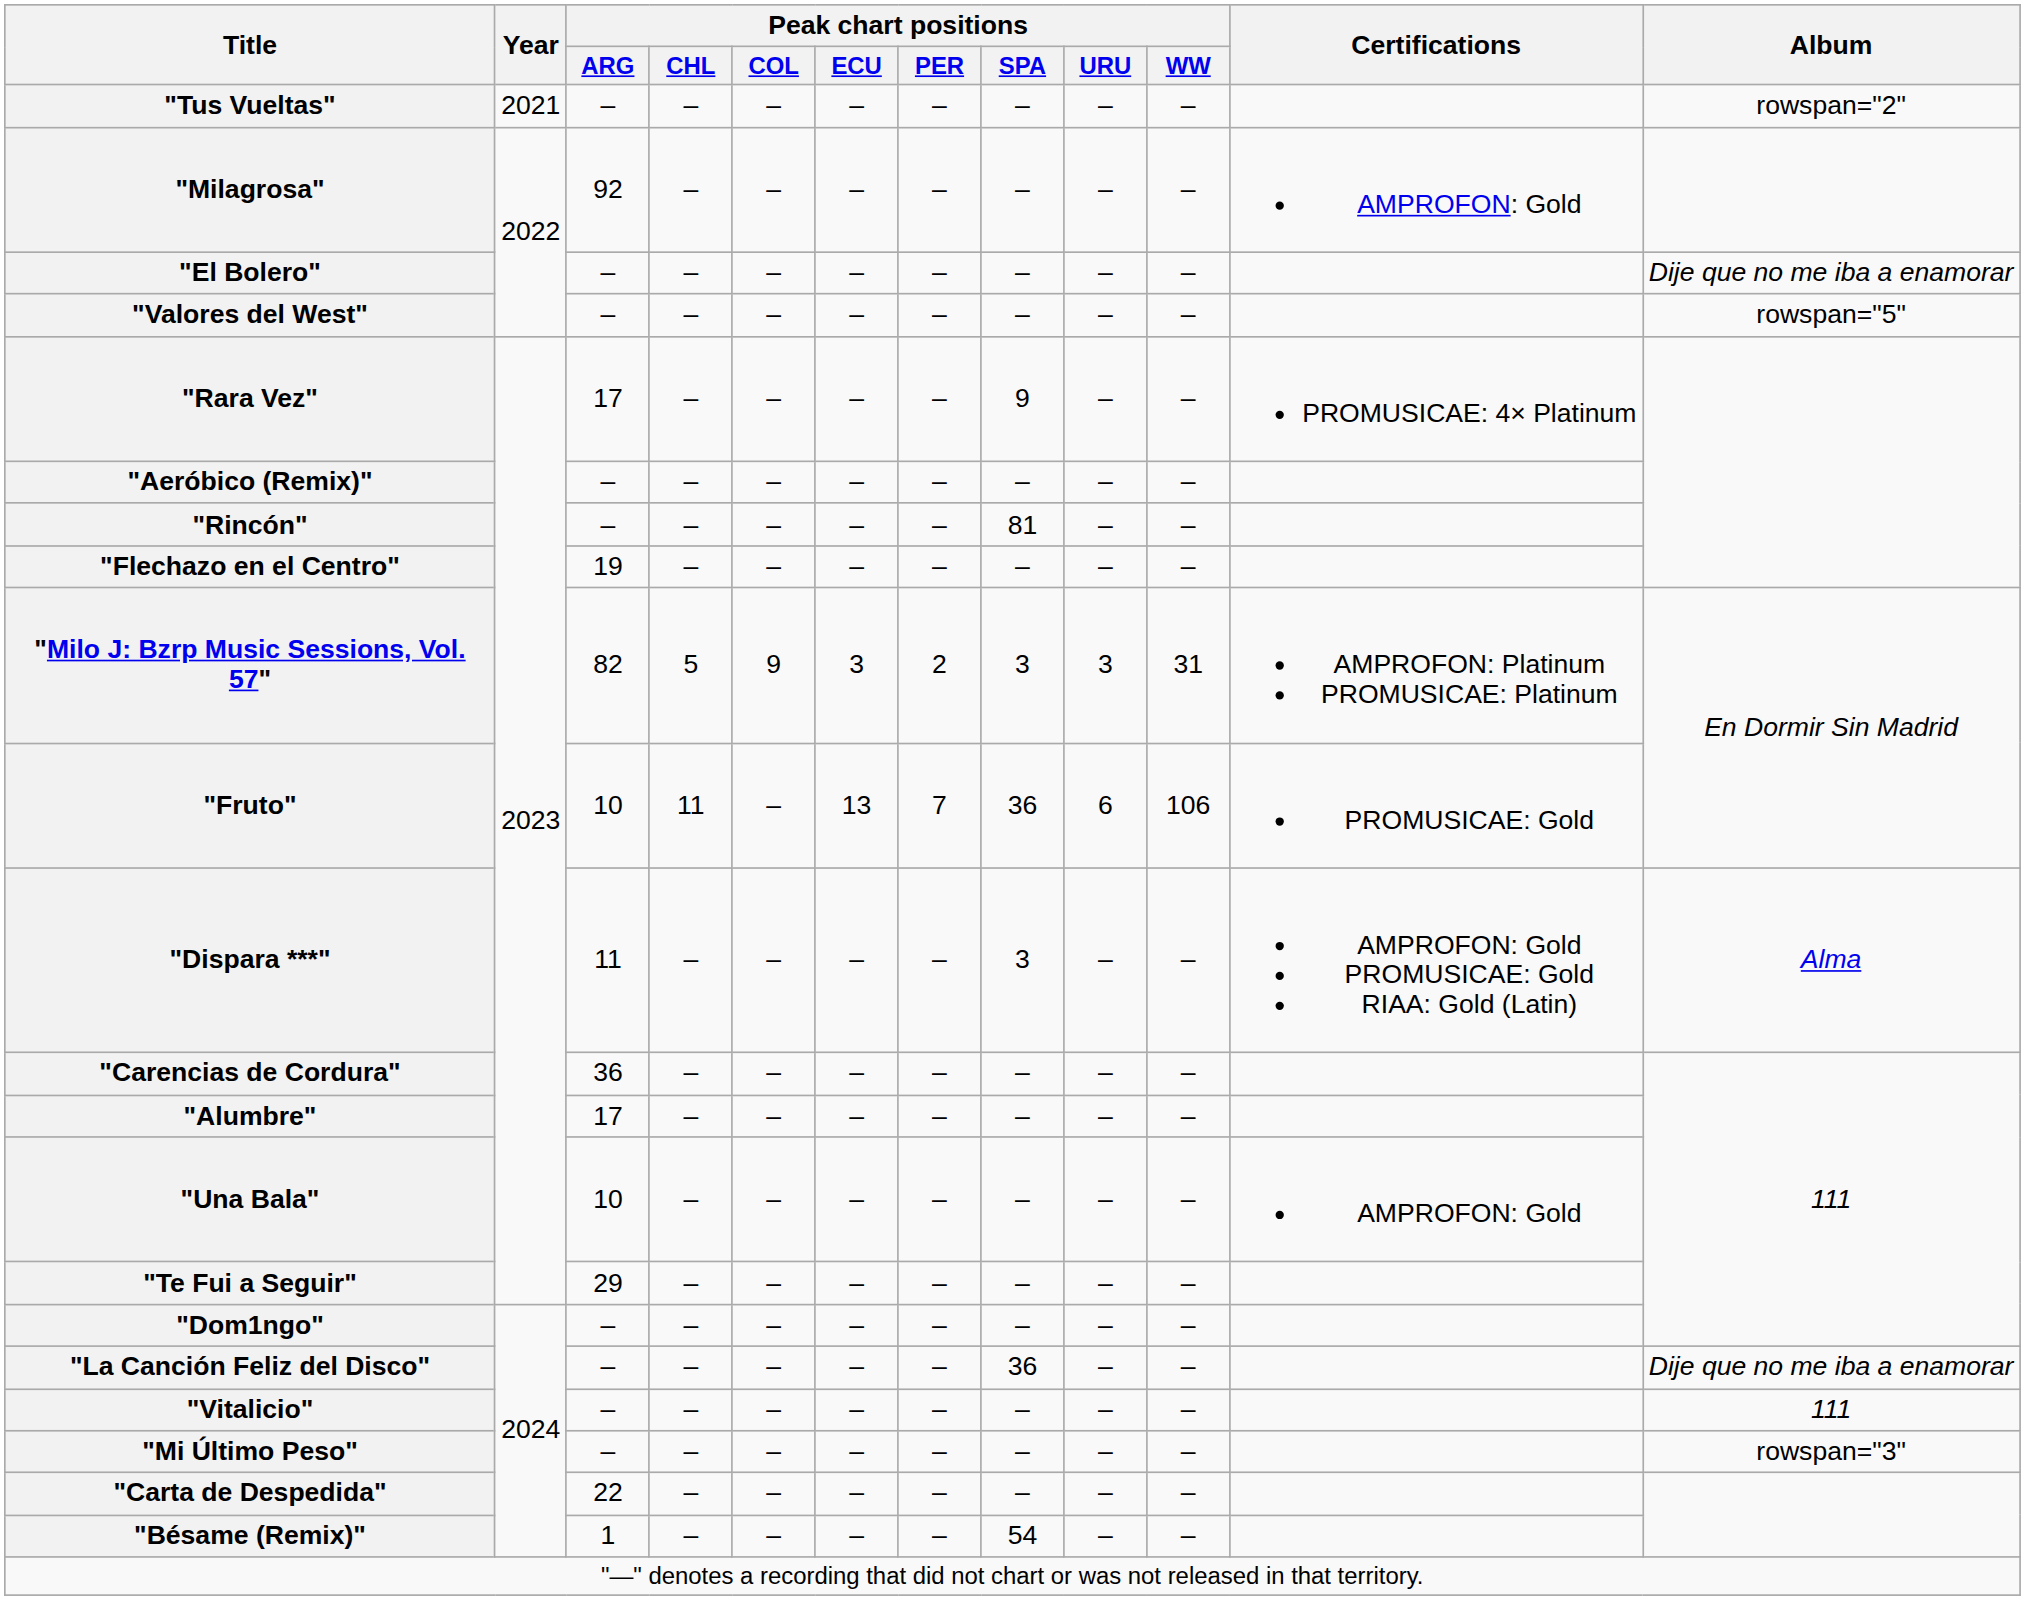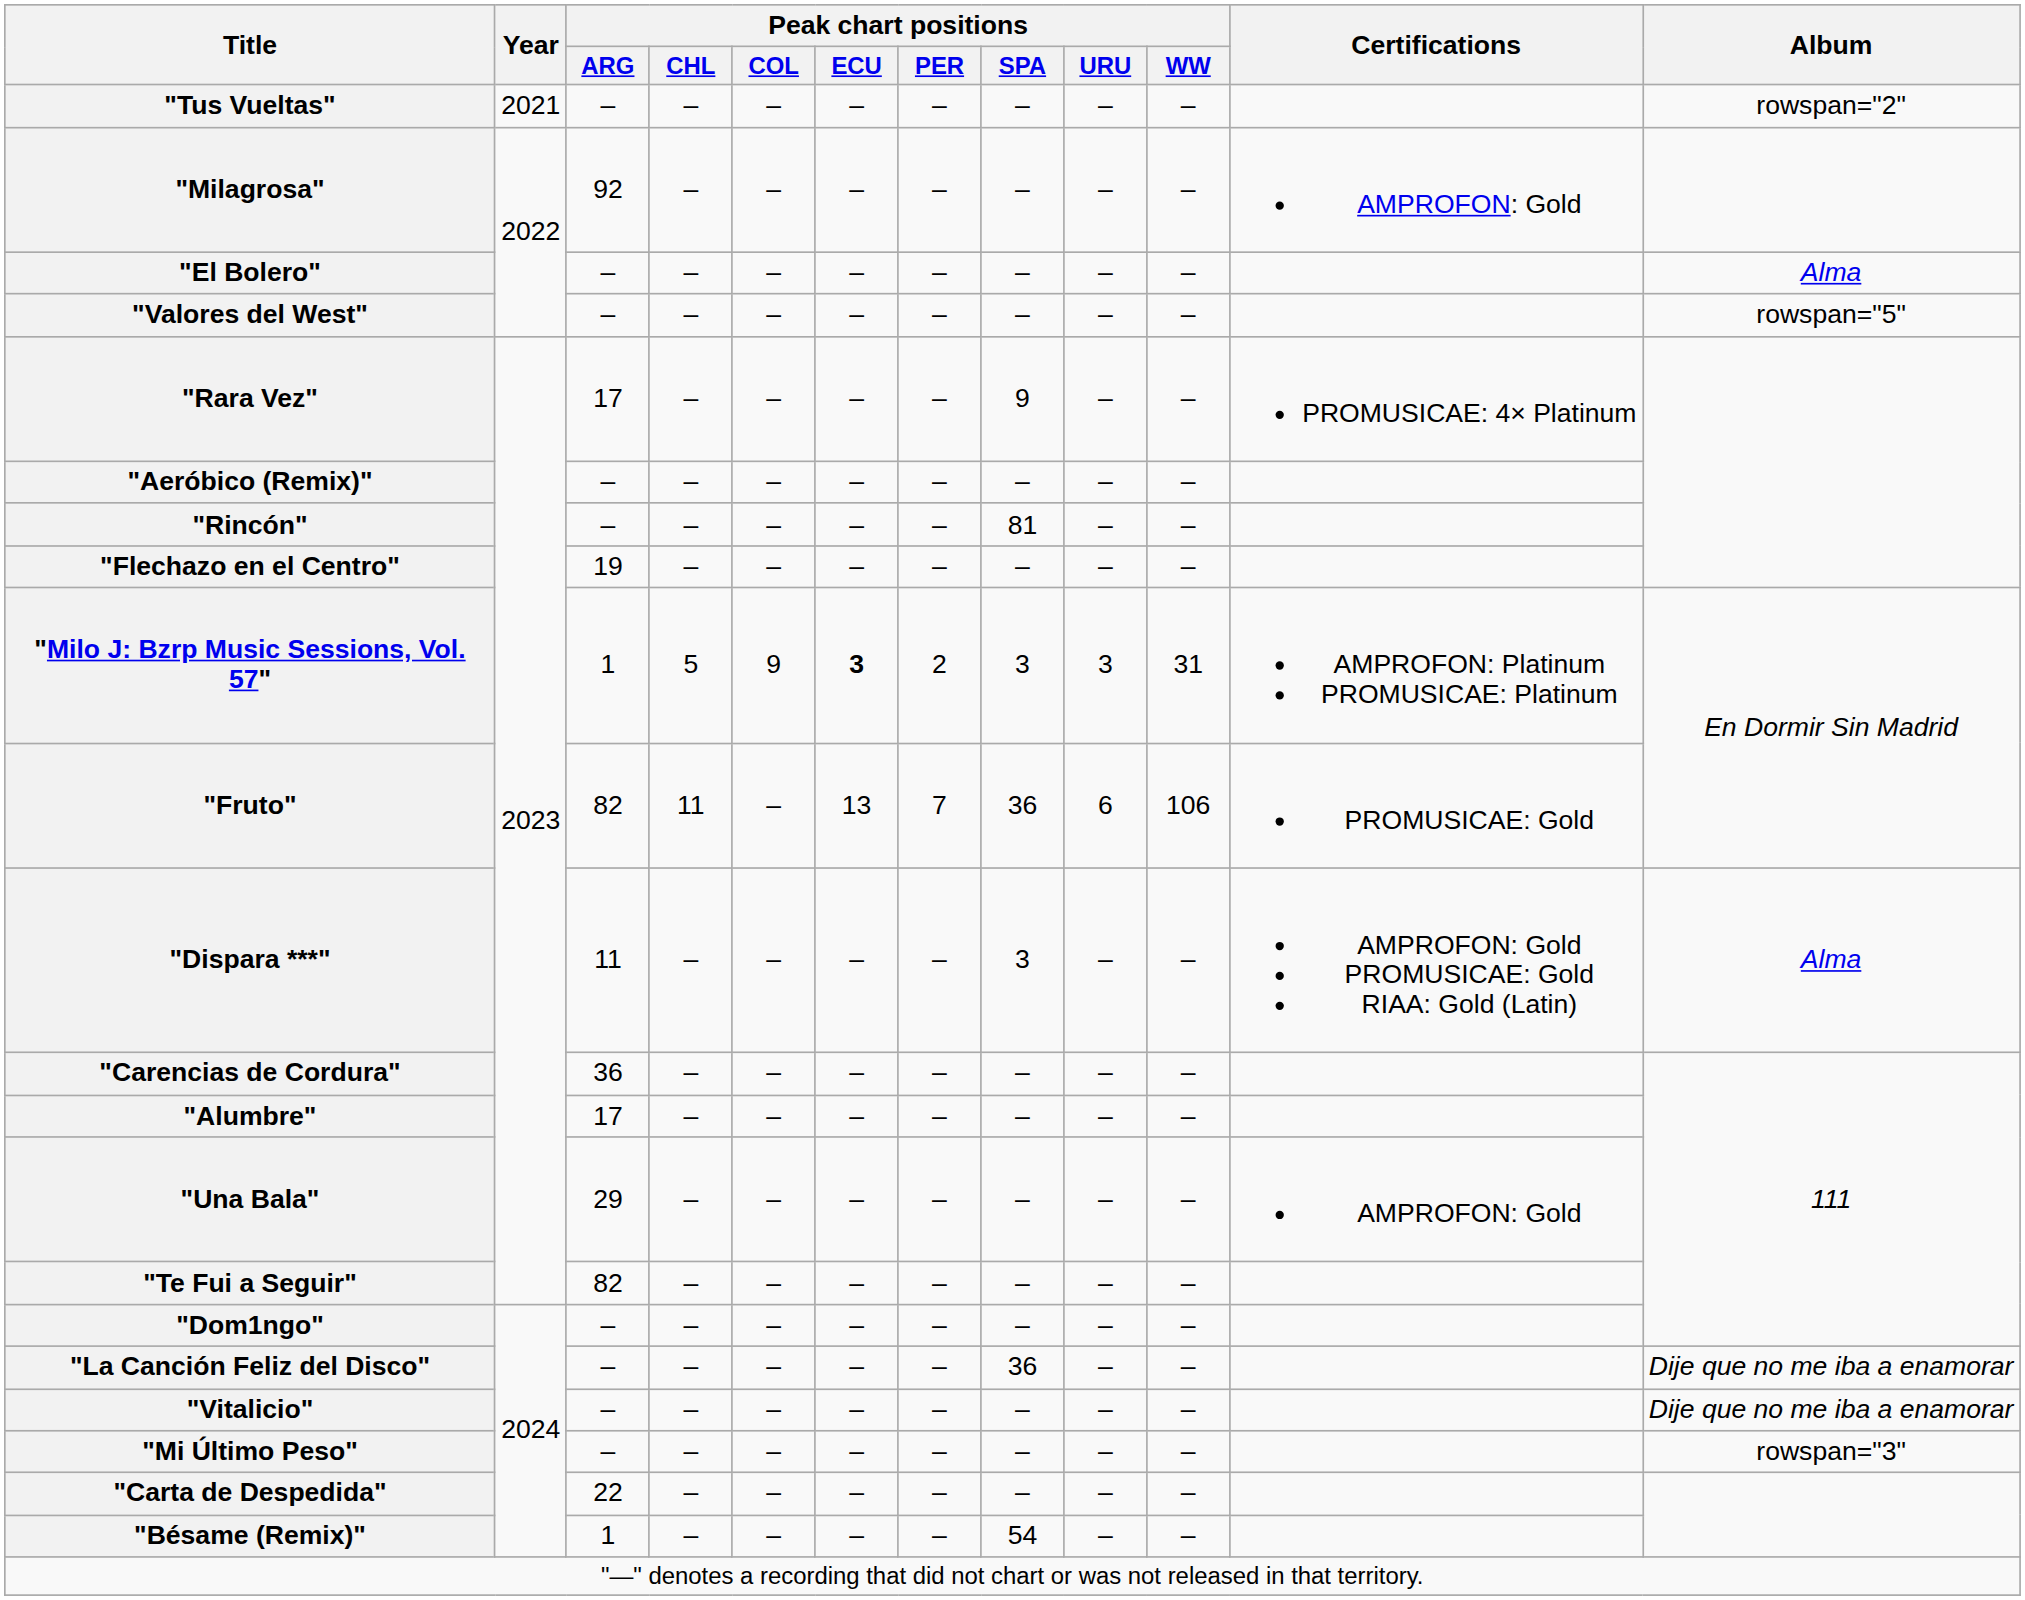 <table class="wikitable plainrowheaders" style="text-align:center;">
 <tr>
 <th rowspan="2" scope="col" style="width:18em;">Title</th>
 <th rowspan="2">Year</th>
 <th colspan="8">Peak chart positions</th>
 <th rowspan="2">Certifications</th>
 <th rowspan="2">Album</th>
 </tr>
 <tr>
 <th scope="col" style="width:3em;font-size:90%;"><a href='#'>ARG</a><br></th>
 <th scope="col" style="width:3em;font-size:90%;"><a href='#'>CHL</a><br></th>
 <th scope="col" style="width:3em;font-size:90%;"><a href='#'>COL</a><br></th>
 <th scope="col" style="width:3em;font-size:90%;"><a href='#'>ECU</a><br></th>
 <th scope="col" style="width:3em;font-size:90%;"><a href='#'>PER</a><br></th>
 <th scope="col" style="width:3em;font-size:90%;"><a href='#'>SPA</a><br></th>
 <th scope="col" style="width:3em;font-size:90%;"><a href='#'>URU</a><br></th>
 <th scope="col" style="width:3em;font-size:90%;"><a href='#'>WW</a><br></th>
 </tr>
 <tr>
 <th scope="row">"Tus Vueltas"</th>
 <td>2021</td>
 <td>–</td>
 <td>–</td>
 <td>–</td>
 <td>–</td>
 <td>–</td>
 <td>–</td>
 <td>–</td>
 <td>–</td>
 <td></td>
 <td>rowspan="2" </td>
 </tr>
 <tr>
 <th scope="row">"Milagrosa"</th>
 <td rowspan="3">2022</td>
 <td>92</td>
 <td>–</td>
 <td>–</td>
 <td>–</td>
 <td>–</td>
 <td>–</td>
 <td>–</td>
 <td>–</td>
 <td><br><ul><li><a href='#'>AMPROFON</a>: Gold</li></ul></td>
 </tr>
 <tr>
 <th scope="row">"El Bolero" </th>
 <td>–</td>
 <td>–</td>
 <td>–</td>
 <td>–</td>
 <td>–</td>
 <td>–</td>
 <td>–</td>
 <td>–</td>
 <td></td>
-<td><em>Dije que no me iba a enamorar</em></td>
+<td><em><a href='#'>Alma</a></em></td>
 </tr>
 <tr>
 <th scope="row">"Valores del West" </th>
 <td>–</td>
 <td>–</td>
 <td>–</td>
 <td>–</td>
 <td>–</td>
 <td>–</td>
 <td>–</td>
 <td>–</td>
 <td></td>
 <td>rowspan="5" </td>
 </tr>
 <tr>
 <th scope="row">"Rara Vez" </th>
 <td rowspan="11">2023</td>
 <td>17</td>
 <td>–</td>
 <td>–</td>
 <td>–</td>
 <td>–</td>
 <td>9</td>
 <td>–</td>
 <td>–</td>
 <td><br><ul><li>PROMUSICAE: 4× Platinum</li></ul></td>
 </tr>
 <tr>
 <th scope="row">"Aeróbico (Remix)" </th>
 <td>–</td>
 <td>–</td>
 <td>–</td>
 <td>–</td>
 <td>–</td>
 <td>–</td>
 <td>–</td>
 <td>–</td>
 <td></td>
 </tr>
 <tr>
 <th scope="row">"Rincón"</th>
 <td>–</td>
 <td>–</td>
 <td>–</td>
 <td>–</td>
 <td>–</td>
 <td>81</td>
 <td>–</td>
 <td>–</td>
 <td></td>
 </tr>
 <tr>
 <th scope="row">"Flechazo en el Centro" </th>
 <td>19</td>
 <td>–</td>
 <td>–</td>
 <td>–</td>
 <td>–</td>
 <td>–</td>
 <td>–</td>
 <td>–</td>
 <td></td>
 </tr>
 <tr>
 <th scope="row">"<a href='#'>Milo J: Bzrp Music Sessions, Vol. 57</a>" </th>
-<td>82</td>
+<td>1</td>
 <td>5</td>
 <td>9</td>
-<td>3</td>
+<td><strong>3</strong></td>
 <td>2</td>
 <td>3</td>
 <td>3</td>
 <td>31</td>
 <td><br><ul><li>AMPROFON: Platinum</li><li>PROMUSICAE: Platinum</li></ul></td>
 <td rowspan="2"><em>En Dormir Sin Madrid</em></td>
 </tr>
 <tr>
 <th scope="row">"Fruto" </th>
-<td>10</td>
+<td>82</td>
 <td>11</td>
 <td>–</td>
 <td>13</td>
 <td>7</td>
 <td>36</td>
 <td>6</td>
 <td>106</td>
 <td><br><ul><li>PROMUSICAE: Gold</li></ul></td>
 </tr>
 <tr>
 <th scope="row">"Dispara ***" </th>
 <td>11</td>
 <td>–</td>
 <td>–</td>
 <td>–</td>
 <td>–</td>
 <td>3</td>
 <td>–</td>
 <td>–</td>
 <td><br><ul><li>AMPROFON: Gold</li><li>PROMUSICAE: Gold</li><li>RIAA: Gold <span>(Latin)</span></li></ul></td>
 <td><em><a href='#'>Alma</a></em></td>
 </tr>
 <tr>
 <th scope="row">"Carencias de Cordura" </th>
 <td>36</td>
 <td>–</td>
 <td>–</td>
 <td>–</td>
 <td>–</td>
 <td>–</td>
 <td>–</td>
 <td>–</td>
 <td></td>
 <td rowspan="5"><em>111</em></td>
 </tr>
 <tr>
 <th scope="row">"Alumbre" </th>
 <td>17</td>
 <td>–</td>
 <td>–</td>
 <td>–</td>
 <td>–</td>
 <td>–</td>
 <td>–</td>
 <td>–</td>
 <td></td>
 </tr>
 <tr>
 <th scope="row">"Una Bala" </th>
-<td>10</td>
+<td>29</td>
 <td>–</td>
 <td>–</td>
 <td>–</td>
 <td>–</td>
 <td>–</td>
 <td>–</td>
 <td>–</td>
 <td><br><ul><li>AMPROFON: Gold</li></ul></td>
 </tr>
 <tr>
 <th scope="row">"Te Fui a Seguir" </th>
-<td>29</td>
+<td>82</td>
 <td>–</td>
 <td>–</td>
 <td>–</td>
 <td>–</td>
 <td>–</td>
 <td>–</td>
 <td>–</td>
 <td></td>
 </tr>
 <tr>
 <th scope="row">"Dom1ngo"</th>
 <td rowspan="6">2024</td>
 <td>–</td>
 <td>–</td>
 <td>–</td>
 <td>–</td>
 <td>–</td>
 <td>–</td>
 <td>–</td>
 <td>–</td>
 <td></td>
 </tr>
 <tr>
 <th scope="row">"La Canción Feliz del Disco" </th>
 <td>–</td>
 <td>–</td>
 <td>–</td>
 <td>–</td>
 <td>–</td>
 <td>36</td>
 <td>–</td>
 <td>–</td>
 <td></td>
 <td><em>Dije que no me iba a enamorar</em></td>
 </tr>
 <tr>
 <th scope="row">"Vitalicio"</th>
 <td>–</td>
 <td>–</td>
 <td>–</td>
 <td>–</td>
 <td>–</td>
 <td>–</td>
 <td>–</td>
 <td>–</td>
 <td></td>
-<td><em>111</em></td>
+<td><em>Dije que no me iba a enamorar</em></td>
 </tr>
 <tr>
 <th scope="row">"Mi Último Peso" </th>
 <td>–</td>
 <td>–</td>
 <td>–</td>
 <td>–</td>
 <td>–</td>
 <td>–</td>
 <td>–</td>
 <td>–</td>
 <td></td>
 <td>rowspan="3" </td>
 </tr>
 <tr>
 <th scope="row">"Carta de Despedida" </th>
 <td>22</td>
 <td>–</td>
 <td>–</td>
 <td>–</td>
 <td>–</td>
 <td>–</td>
 <td>–</td>
 <td>–</td>
 <td></td>
 </tr>
 <tr>
 <th scope="row">"Bésame (Remix)" </th>
 <td>1</td>
 <td>–</td>
 <td>–</td>
 <td>–</td>
 <td>–</td>
 <td>54</td>
 <td>–</td>
 <td>–</td>
 <td></td>
 </tr>
 <tr>
 <td colspan="14" style="font-size:90%">"—" denotes a recording that did not chart or was not released in that territory.</td>
 </tr>
 </table>
